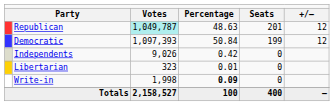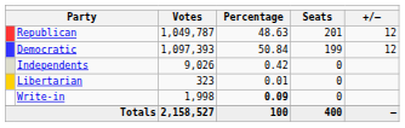 <table class="wikitable" style="font-size:95%;">
 <tr>
 <td colspan="8" align="center"></td>
 </tr>
 <tr>
 <th colspan=2 style="width: 15em">Party</th>
 <th style="width: 5em">Votes</th>
 <th style="width: 7em">Percentage</th>
 <th style="width: 5em">Seats</th>
 <th style="width: 5em">+/–</th>
 </tr>
 <tr>
 <th style="background-color:#F33; width: 3px"></th>
 <td style="width: 130px"><a href='#'>Republican</a></td>
-<td align="right" style="background: paleturquoise;">1,049,787</td>
+<td align="right">1,049,787</td>
 <td align="right">48.63</td>
 <td align="right">201</td>
 <td align="right"> 12</td>
 </tr>
 <tr>
 <th style="background-color:#33F; width: 3px"></th>
 <td style="width: 130px"><a href='#'>Democratic</a></td>
 <td align="right">1,097,393</td>
 <td align="right">50.84</td>
 <td align="right">199</td>
 <td align="right"> 12</td>
 </tr>
 <tr>
 <th style="background-color:#DDDDCC; width: 3px"></th>
 <td style="width: 130px"><a href='#'>Independents</a></td>
 <td align="right">9,026</td>
 <td align="right">0.42</td>
 <td align="right">0</td>
 <td align="right"></td>
 </tr>
 <tr>
 <th style="background-color:#fed105; width: 3px"></th>
 <td style="width: 130px"><a href='#'>Libertarian</a></td>
 <td align="right">323</td>
 <td align="right">0.01</td>
 <td align="right">0</td>
 <td align="right"></td>
 </tr>
 <tr>
 <th style="background-color:#ffffff; width: 3px"></th>
 <td style="width: 130px"><a href='#'>Write-in</a></td>
 <td align="right">1,998</td>
 <td align="right"><strong>0.09</strong></td>
 <td align="right">0</td>
 <td align="right"></td>
 </tr>
 <tr>
 </tr>
 <tr bgcolor="#EEEEEE">
 <td colspan="2" align="right"><strong>Totals</strong></td>
 <td align="right"><strong>2,158,527</strong></td>
 <td align="right"><strong>100</strong></td>
 <td align="right"><strong>400</strong></td>
 <td align="right"><strong>—</strong></td>
 </tr>
 </table>
